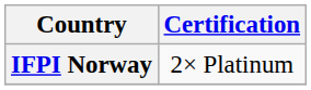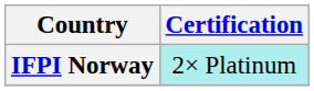 <table class="wikitable plainrowheaders sortable" style="text-align:center;">
 <tr>
 <th scope="col">Country</th>
 <th scope="col"><a href='#'>Certification</a></th>
 </tr>
 <tr>
 <th scope="row"><a href='#'>IFPI</a> Norway</th>
-<td>2× Platinum</td>
+<td style="background: paleturquoise;">2× Platinum</td>
 </tr>
 <tr>
 </tr>
 </table>
